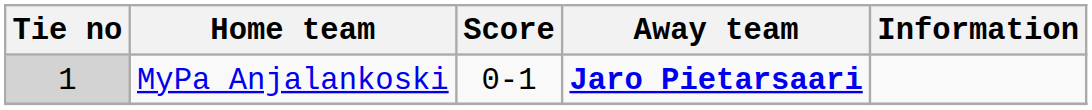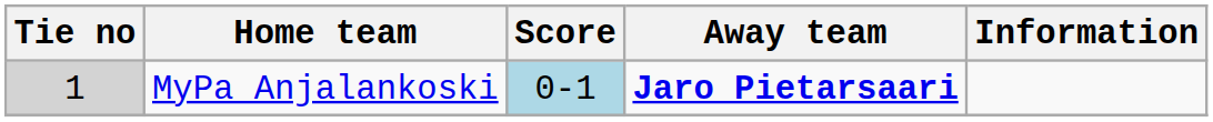 <table class="wikitable" style="text-align:center">
 <tr>
 <th style= width="40px">Tie no</th>
 <th style= width="150px">Home team</th>
 <th style= width="60px">Score</th>
 <th style= width="150px">Away team</th>
 <th style= width="30px">Information</th>
 </tr>
 <tr>
 <td style="background: lightgrey;">1</td>
 <td><a href='#'>MyPa Anjalankoski</a></td>
-<td>0-1</td>
+<td style="background: lightblue;">0-1</td>
 <td><strong><a href='#'>Jaro Pietarsaari</a></strong></td>
 <td></td>
 </tr>
 <tr>
 </tr>
 </table>
